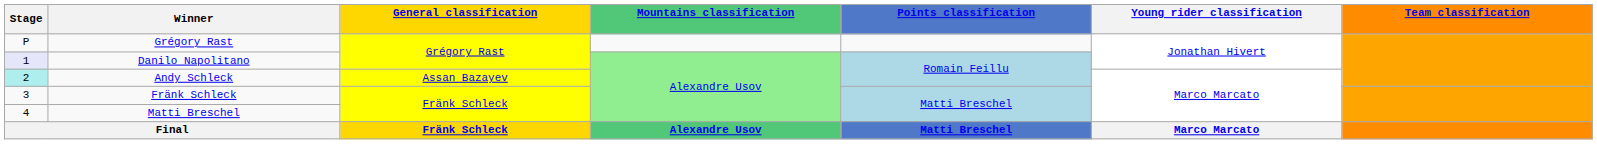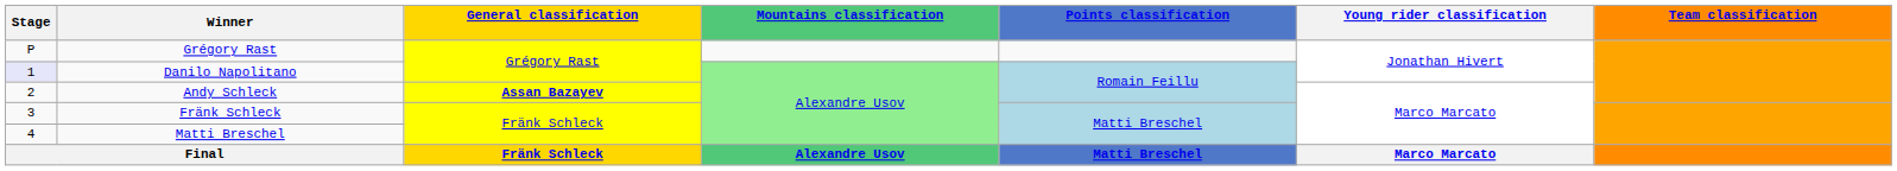 <table class="wikitable" style="text-align: center; font-size:smaller;">
 <tr style="background-color: #efefef;">
 <th width="1%">Stage</th>
 <th width="14%">Winner</th>
 <th style="background:gold;"     width="12%"><a href='#'>General classification</a><br><br></th>
 <th style="background:#50C878;"  width="12%"><a href='#'>Mountains classification</a><br><br></th>
 <th style="background:#5078C8;"  width="12%"><a href='#'>Points classification</a><br><br></th>
 <th style="background:offwhite;" width="12%"><a href='#'>Young rider classification</a><br><br></th>
 <th style="background:#FF8C00;"  width="12%"><a href='#'>Team classification</a><br><br></th>
 </tr>
 <tr>
 <td>P</td>
 <td><a href='#'>Grégory Rast</a></td>
 <td style="background:yellow;" rowspan="2"><a href='#'>Grégory Rast</a></td>
 <td></td>
 <td></td>
 <td style="background:white;" rowspan="2"><a href='#'>Jonathan Hivert</a></td>
 <td style="background:orange;" rowspan="3"></td>
 </tr>
 <tr>
 <td style="background: lavender;">1</td>
 <td><a href='#'>Danilo Napolitano</a></td>
 <td style="background:lightgreen;" rowspan="4"><a href='#'>Alexandre Usov</a></td>
 <td style="background:lightblue;" rowspan="2"><a href='#'>Romain Feillu</a></td>
 </tr>
 <tr>
-<td style="background: paleturquoise;">2</td>
+<td>2</td>
 <td><a href='#'>Andy Schleck</a></td>
-<td style="background:yellow;" rowspan="1"><a href='#'>Assan Bazayev</a></td>
+<td style="background:yellow;" rowspan="1"><strong><a href='#'>Assan Bazayev</a></strong></td>
 <td style="background:white;" rowspan="3"><a href='#'>Marco Marcato</a></td>
 </tr>
 <tr>
 <td>3</td>
 <td><a href='#'>Fränk Schleck</a></td>
 <td style="background:yellow;" rowspan="2"><a href='#'>Fränk Schleck</a></td>
 <td style="background:lightblue;" rowspan="2"><a href='#'>Matti Breschel</a></td>
 <td style="background:orange;" rowspan="2"></td>
 </tr>
 <tr>
 <td>4</td>
 <td><a href='#'>Matti Breschel</a></td>
 </tr>
 <tr>
 <th colspan=2><strong>Final</strong></th>
 <th style="background:gold;"     rowspan="1"><a href='#'>Fränk Schleck</a></th>
 <th style="background:#50C878;"  rowspan="1"><a href='#'>Alexandre Usov</a></th>
 <th style="background:#5078C8;"  rowspan="1"><a href='#'>Matti Breschel</a></th>
 <th style="background:offwhite;" rowspan="1"><a href='#'>Marco Marcato</a></th>
 <th style="background:#FF8C00;"  rowspan="1"></th>
 </tr>
 </table>
